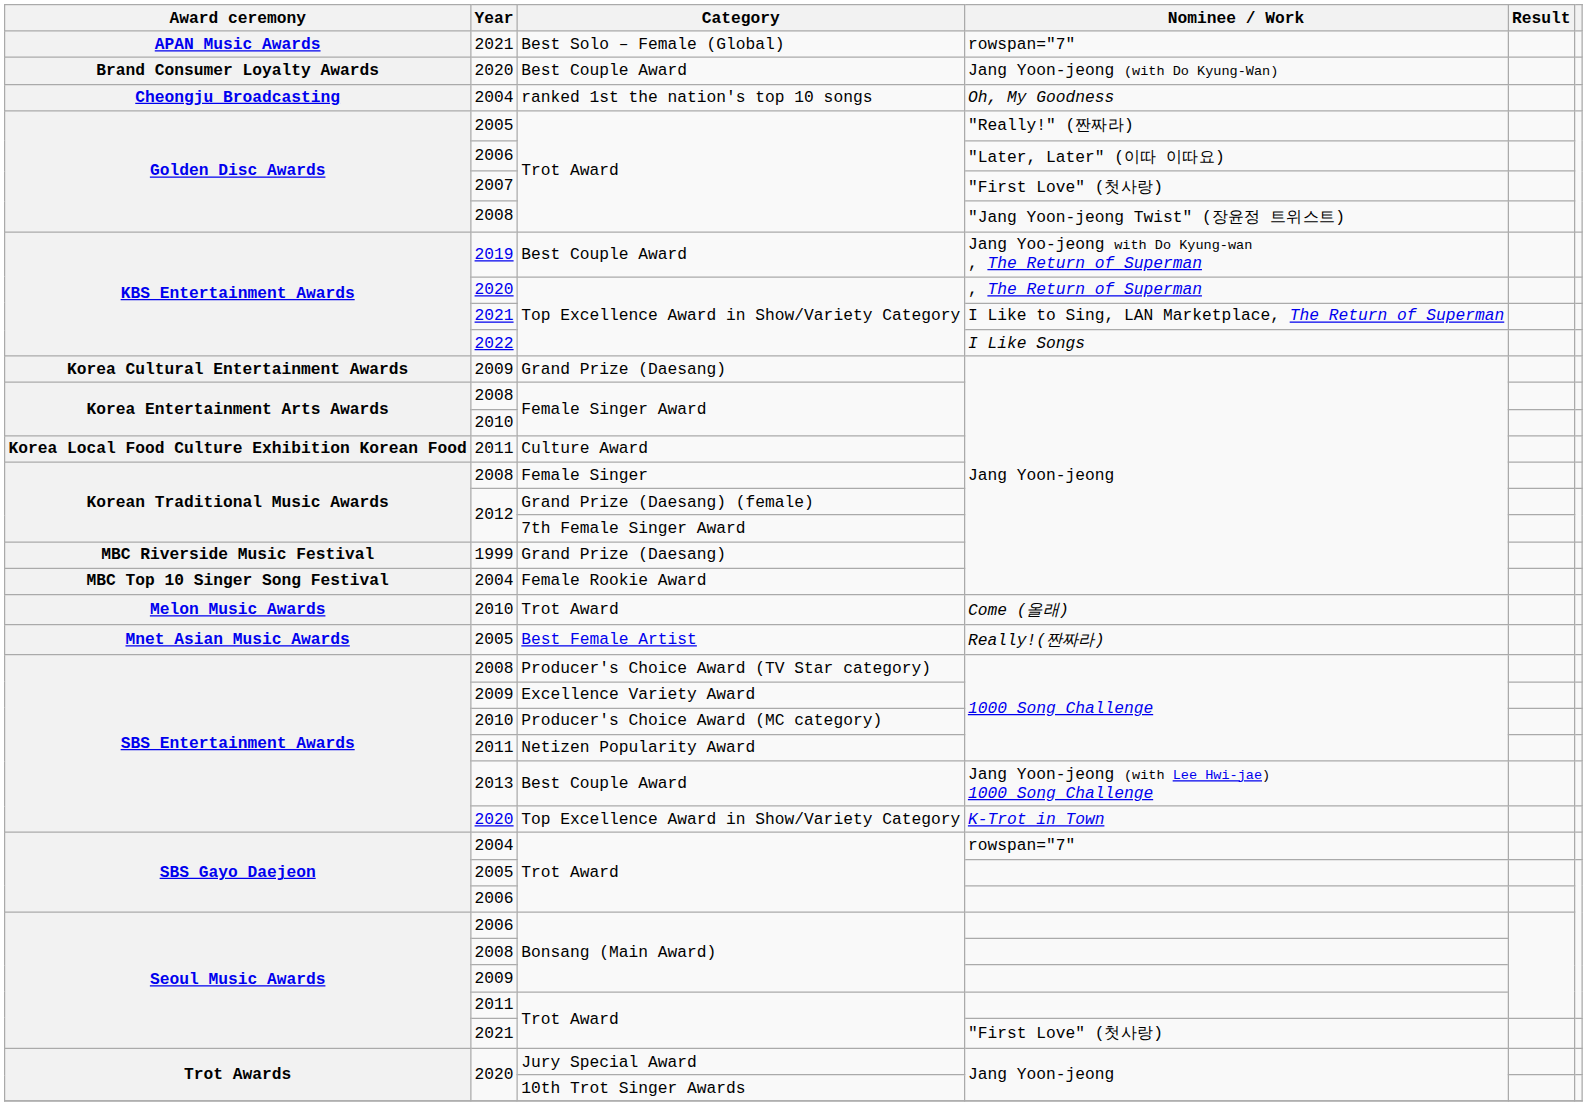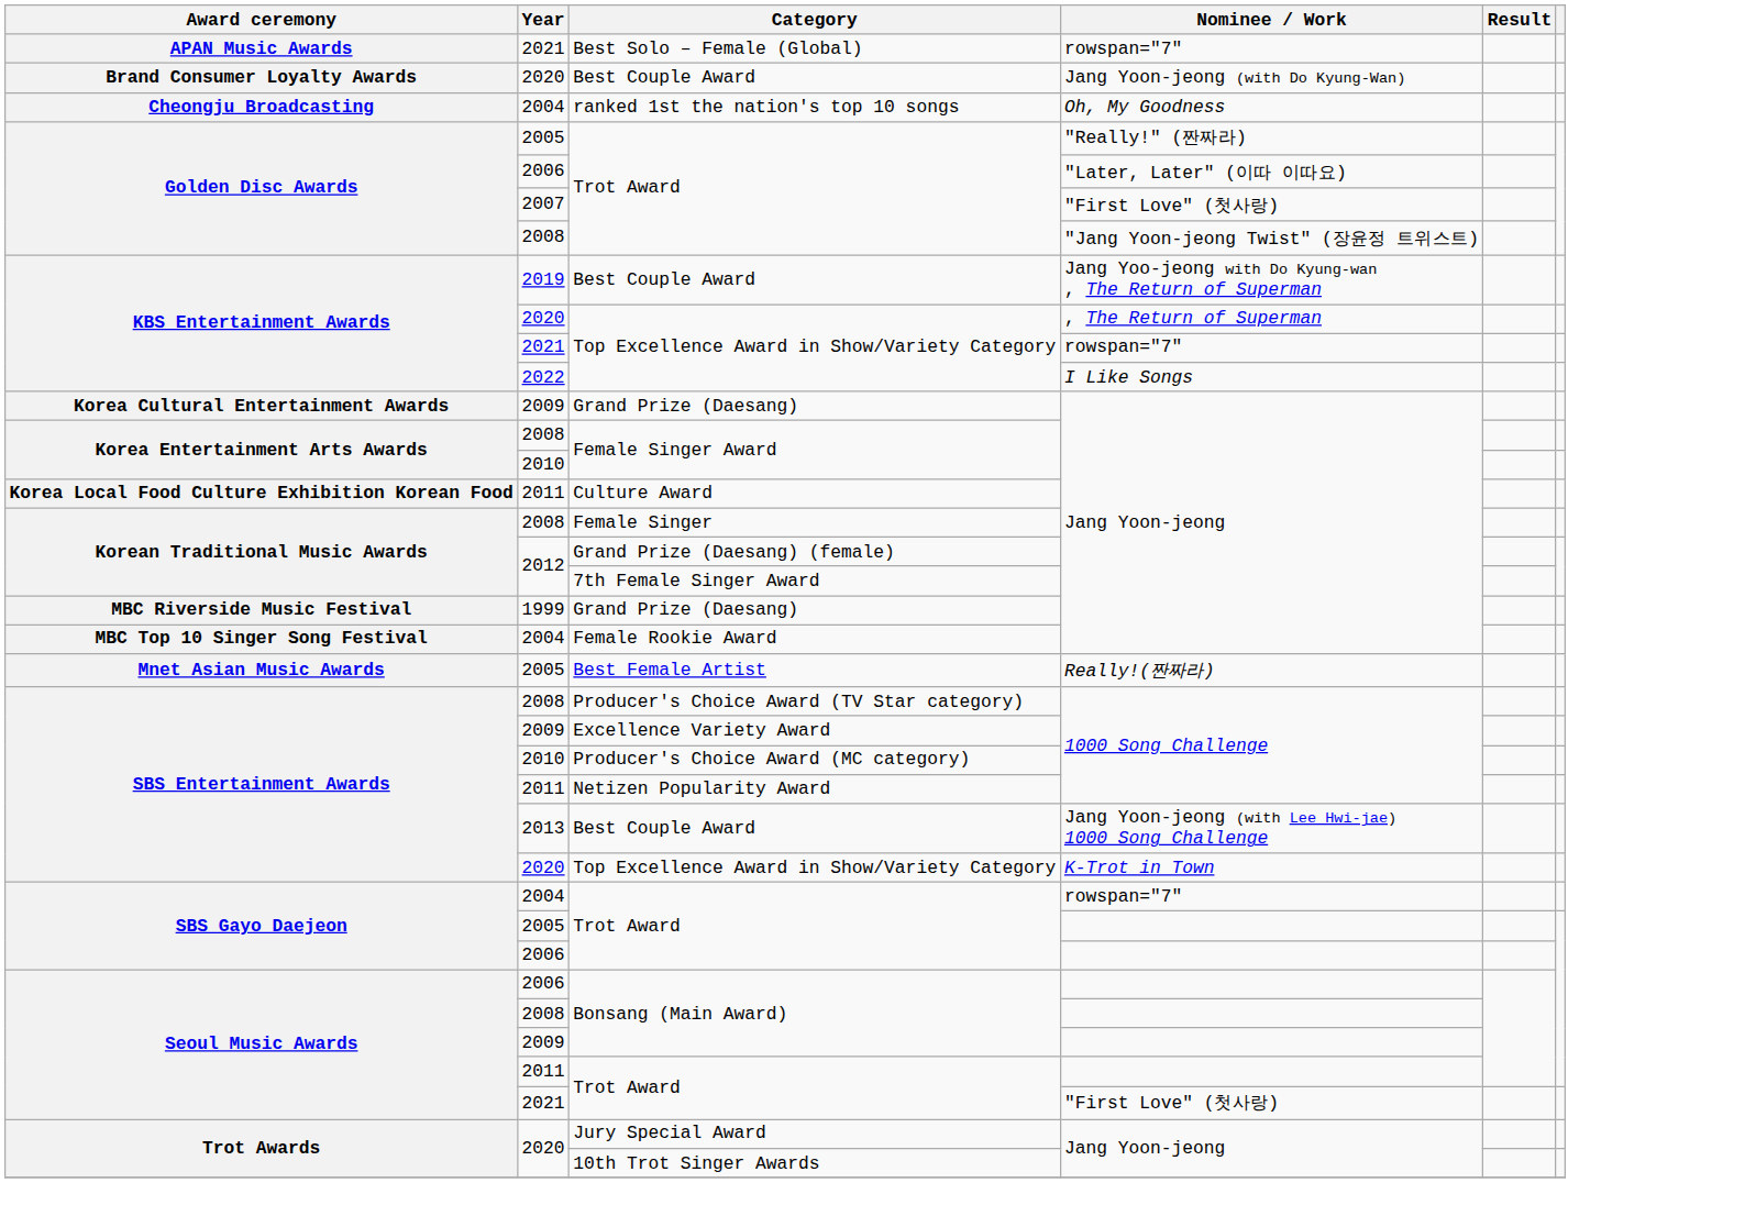 <table class="wikitable plainrowheaders sortable">
 <tr>
 <th scope="col">Award ceremony</th>
 <th scope="col">Year</th>
 <th scope="col">Category</th>
 <th scope="col">Nominee / Work</th>
 <th scope="col">Result</th>
 <th scope="col" class="unsortable"></th>
 </tr>
 <tr>
 <th scope="row"  rowspan="1"><a href='#'>APAN Music Awards</a></th>
 <td style="text-align:center" rowspan="1">2021</td>
 <td>Best Solo – Female (Global)</td>
 <td>rowspan="7" </td>
 <td></td>
 <td style="text-align:center"></td>
 </tr>
 <tr>
 <th scope="row"  rowspan="1">Brand Consumer Loyalty Awards</th>
 <td style="text-align:center" rowspan="1">2020</td>
 <td>Best Couple Award</td>
 <td rowspan="1">Jang Yoon-jeong  <small>(with Do Kyung-Wan)	</small></td>
 <td></td>
 <td style="text-align:center"></td>
 </tr>
 <tr>
 <th scope="row"  rowspan="1"><a href='#'>Cheongju Broadcasting</a></th>
 <td style="text-align:center" rowspan="1">2004</td>
 <td>ranked 1st the nation's top 10 songs</td>
 <td><em>Oh, My Goodness</em></td>
 <td></td>
 <td style="text-align:center"></td>
 </tr>
 <tr>
 <th scope="row"  rowspan="4"><a href='#'>Golden Disc Awards</a></th>
 <td style="text-align:center" rowspan="1">2005</td>
 <td rowspan="4">Trot Award</td>
 <td>"Really!" (짠짜라)</td>
 <td></td>
 <td style="text-align:center" rowspan="4"></td>
 </tr>
 <tr>
 <td style="text-align:center" rowspan="1">2006</td>
 <td>"Later, Later" (이따 이따요)</td>
 <td></td>
 </tr>
 <tr>
 <td style="text-align:center" rowspan="1">2007</td>
 <td>"First Love" (첫사랑)</td>
 <td></td>
 </tr>
 <tr>
 <td style="text-align:center" rowspan="1">2008</td>
 <td>"Jang Yoon-jeong Twist" (장윤정 트위스트)</td>
 <td></td>
 </tr>
 <tr>
 <th scope="row"  rowspan="4"><a href='#'>KBS Entertainment Awards</a></th>
 <td style="text-align:center" rowspan="1"><a href='#'>2019</a></td>
 <td>Best Couple Award</td>
 <td>Jang Yoo-jeong <small>with Do Kyung-wan</small><br> <em></em> , <em><a href='#'>The Return of Superman</a></em></td>
 <td></td>
 <td style="text-align:center"></td>
 </tr>
 <tr>
 <td style="text-align:center" rowspan="1"><a href='#'>2020</a></td>
 <td rowspan="3">Top Excellence Award in Show/Variety Category</td>
 <td><em></em>, <em><a href='#'>The Return of Superman</a></em></td>
 <td></td>
 <td style="text-align:center"></td>
 </tr>
 <tr>
 <td style="text-align:center" rowspan="1"><a href='#'>2021</a></td>
-<td>I Like to Sing, LAN Marketplace,  <em><a href='#'>The Return of Superman</a></em></td>
+<td>rowspan="7" </td>
 <td></td>
 <td style="text-align:center"></td>
 </tr>
 <tr>
 <td style="text-align:center" rowspan=1><a href='#'>2022</a></td>
 <td><em>I Like Songs</em></td>
 <td></td>
 <td style="text-align:center"></td>
 </tr>
 <tr>
 <th scope="row"  rowspan="1">Korea Cultural Entertainment Awards</th>
 <td style="text-align:center" rowspan="1">2009</td>
 <td>Grand Prize (Daesang)</td>
 <td rowspan="9">Jang Yoon-jeong</td>
 <td></td>
 <td></td>
 </tr>
 <tr>
 <th scope="row"  rowspan="2">Korea Entertainment Arts Awards</th>
 <td style="text-align:center" rowspan="1">2008</td>
 <td rowspan="2">Female Singer Award</td>
 <td></td>
 <td></td>
 </tr>
 <tr>
 <td style="text-align:center" rowspan="1">2010</td>
 <td></td>
 <td></td>
 </tr>
 <tr>
 <th scope="row">Korea Local Food Culture Exhibition Korean Food</th>
 <td style="text-align:center">2011</td>
 <td>Culture Award</td>
 <td></td>
 <td></td>
 </tr>
 <tr>
 <th scope="row" rowspan="3">Korean Traditional Music Awards</th>
 <td style="text-align:center" rowspan="1">2008</td>
 <td>Female Singer</td>
 <td></td>
 <td></td>
 </tr>
 <tr>
 <td style="text-align:center" rowspan="2">2012</td>
 <td>Grand Prize (Daesang) (female)</td>
 <td></td>
 <td style="text-align:center" rowspan="2"></td>
 </tr>
 <tr>
 <td>7th Female Singer Award</td>
 <td></td>
 </tr>
 <tr>
 <th scope="row">MBC Riverside Music Festival</th>
 <td style="text-align:center">1999</td>
 <td>Grand Prize (Daesang)</td>
 <td></td>
 <td style="text-align:center"></td>
 </tr>
 <tr>
 <th scope="row">MBC Top 10 Singer Song Festival</th>
 <td style="text-align:center">2004</td>
 <td>Female Rookie Award</td>
-<td></td>
-<td style="text-align:center"></td>
-</tr>
-<tr>
-<th scope="row"><a href='#'>Melon Music Awards</a></th>
-<td style="text-align:center">2010</td>
-<td>Trot Award</td>
-<td><em>Come (올래) </em></td>
 <td></td>
 <td style="text-align:center"></td>
 </tr>
 <tr>
 <th scope="row"><a href='#'>Mnet Asian Music Awards</a></th>
 <td style="text-align:center">2005</td>
 <td><a href='#'>Best Female Artist</a></td>
 <td><em>Really!(짠짜라)</em></td>
 <td></td>
 <td style="text-align:center"></td>
 </tr>
 <tr>
 <th scope="row" rowspan="6"><a href='#'>SBS Entertainment Awards</a></th>
 <td style="text-align:center">2008</td>
 <td>Producer's Choice Award (TV Star category)</td>
 <td rowspan="4"><em><a href='#'>1000 Song Challenge</a></em></td>
 <td></td>
 <td style="text-align:center"></td>
 </tr>
 <tr>
 <td style="text-align:center">2009</td>
 <td>Excellence Variety Award</td>
 <td></td>
 <td style="text-align:center"></td>
 </tr>
 <tr>
 <td style="text-align:center">2010</td>
 <td>Producer's Choice Award (MC category)</td>
 <td></td>
 <td style="text-align:center"></td>
 </tr>
 <tr>
 <td style="text-align:center">2011</td>
 <td>Netizen Popularity Award</td>
 <td></td>
 <td style="text-align:center"></td>
 </tr>
 <tr>
 <td style="text-align:center">2013</td>
 <td>Best Couple Award</td>
 <td>Jang Yoon-jeong <small>(with <a href='#'>Lee Hwi-jae</a>)</small> <br> <em><a href='#'>1000 Song Challenge</a></em></td>
 <td></td>
 <td style="text-align:center"></td>
 </tr>
 <tr>
 <td style="text-align:center"><a href='#'>2020</a></td>
 <td>Top Excellence Award in Show/Variety Category</td>
 <td><em><a href='#'>K-Trot in Town</a></em></td>
 <td></td>
 <td style="text-align:center"></td>
 </tr>
 <tr>
 <th scope="row" rowspan="3"><a href='#'>SBS Gayo Daejeon</a></th>
 <td style="text-align:center">2004</td>
 <td rowspan="3">Trot Award</td>
 <td>rowspan="7" </td>
 <td></td>
 <td style="text-align:center"></td>
 </tr>
 <tr>
 <td style="text-align:center">2005</td>
 <td></td>
 <td style="text-align:center"></td>
 </tr>
 <tr>
 <td style="text-align:center">2006</td>
 <td></td>
 <td style="text-align:center"></td>
 </tr>
 <tr>
 <th scope="row" rowspan="5"><a href='#'>Seoul Music Awards</a></th>
 <td style="text-align:center">2006</td>
 <td rowspan="3">Bonsang (Main Award)</td>
 <td></td>
 <td style="text-align:center" rowspan="4"></td>
 </tr>
 <tr>
 <td style="text-align:center">2008</td>
 <td></td>
 </tr>
 <tr>
 <td style="text-align:center">2009</td>
 <td></td>
 </tr>
 <tr>
 <td style="text-align:center">2011</td>
 <td rowspan="2">Trot Award</td>
 <td></td>
 </tr>
 <tr>
 <td style="text-align:center">2021</td>
 <td>"First Love" (첫사랑)</td>
 <td></td>
 <td style="text-align:center"></td>
 </tr>
 <tr>
 <th scope="row" rowspan="2">Trot Awards</th>
 <td style="text-align:center" rowspan="2">2020</td>
 <td>Jury Special Award</td>
 <td rowspan="2">Jang Yoon-jeong</td>
 <td></td>
 <td style="text-align:center"></td>
 </tr>
 <tr>
 <td>10th Trot Singer Awards</td>
 <td></td>
 <td style="text-align:center"></td>
 </tr>
 <tr>
 </tr>
 </table>
